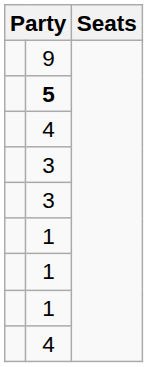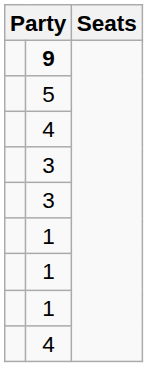 <table class="wikitable" style="font-size: 95%;">
 <tr>
 <th colspan=2>Party</th>
 <th>Seats</th>
 </tr>
 <tr>
 <td></td>
-<td align="center">9</td>
+<td align="center"><strong>9</strong></td>
 </tr>
 <tr>
 <td></td>
-<td align="center"><strong>5</strong></td>
+<td align="center">5</td>
 </tr>
 <tr>
 <td></td>
 <td align="center">4</td>
 </tr>
 <tr>
 <td></td>
 <td align="center">3</td>
 </tr>
 <tr>
 <td></td>
 <td align="center">3</td>
 </tr>
 <tr>
 <td></td>
 <td align="center">1</td>
 </tr>
 <tr>
 <td></td>
 <td align="center">1</td>
 </tr>
 <tr>
 <td></td>
 <td align="center">1</td>
 </tr>
 <tr>
 <td></td>
 <td align="center">4</td>
 </tr>
 </table>
